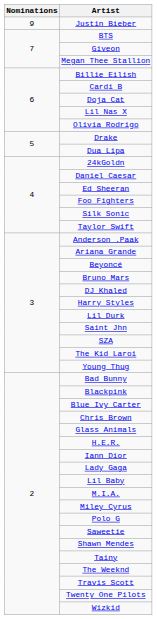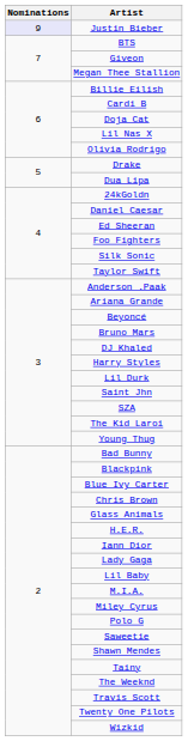 <table class="wikitable" rowspan="2" style="text-align:center">
 <tr>
 <th scope="col" style="width:55px;">Nominations</th>
 <th scope="col" style="text-align:center;">Artist</th>
 </tr>
 <tr>
-<td style="text-align:center">9</td>
+<td style="background: lavender; text-align:center">9</td>
 <td><a href='#'>Justin Bieber</a></td>
 </tr>
 <tr>
 <td rowspan="3" style="text-align:center">7</td>
 <td><a href='#'>BTS</a></td>
 </tr>
 <tr>
 <td><a href='#'>Giveon</a></td>
 </tr>
 <tr>
 <td><a href='#'>Megan Thee Stallion</a></td>
 </tr>
 <tr>
 <td rowspan="5" style="text-align:center">6</td>
 <td><a href='#'>Billie Eilish</a></td>
 </tr>
 <tr>
 <td><a href='#'>Cardi B</a></td>
 </tr>
 <tr>
 <td><a href='#'>Doja Cat</a></td>
 </tr>
 <tr>
 <td><a href='#'>Lil Nas X</a></td>
 </tr>
 <tr>
 <td><a href='#'>Olivia Rodrigo</a></td>
 </tr>
 <tr>
 <td rowspan="2" style="text-align:center">5</td>
 <td><a href='#'>Drake</a></td>
 </tr>
 <tr>
 <td><a href='#'>Dua Lipa</a></td>
 </tr>
 <tr>
 <td rowspan="6" style="text-align:center">4</td>
 <td><a href='#'>24kGoldn</a></td>
 </tr>
 <tr>
 <td><a href='#'>Daniel Caesar</a></td>
 </tr>
 <tr>
 <td><a href='#'>Ed Sheeran</a></td>
 </tr>
 <tr>
 <td><a href='#'>Foo Fighters</a></td>
 </tr>
 <tr>
 <td><a href='#'>Silk Sonic</a></td>
 </tr>
 <tr>
 <td><a href='#'>Taylor Swift</a></td>
 </tr>
 <tr>
 <td rowspan="11" style="text-align:center">3</td>
 <td><a href='#'>Anderson .Paak</a></td>
 </tr>
 <tr>
 <td><a href='#'>Ariana Grande</a></td>
 </tr>
 <tr>
 <td><a href='#'>Beyoncé</a></td>
 </tr>
 <tr>
 <td><a href='#'>Bruno Mars</a></td>
 </tr>
 <tr>
 <td><a href='#'>DJ Khaled</a></td>
 </tr>
 <tr>
 <td><a href='#'>Harry Styles</a></td>
 </tr>
 <tr>
 <td><a href='#'>Lil Durk</a></td>
 </tr>
 <tr>
 <td><a href='#'>Saint Jhn</a></td>
 </tr>
 <tr>
 <td><a href='#'>SZA</a></td>
 </tr>
 <tr>
 <td><a href='#'>The Kid Laroi</a></td>
 </tr>
 <tr>
 <td><a href='#'>Young Thug</a></td>
 </tr>
 <tr>
 <td rowspan="19" style="text-align:center">2</td>
 <td><a href='#'>Bad Bunny</a></td>
 </tr>
 <tr>
 <td><a href='#'>Blackpink</a></td>
 </tr>
 <tr>
 <td><a href='#'>Blue Ivy Carter</a></td>
 </tr>
 <tr>
 <td><a href='#'>Chris Brown</a></td>
 </tr>
 <tr>
 <td><a href='#'>Glass Animals</a></td>
 </tr>
 <tr>
 <td><a href='#'>H.E.R.</a></td>
 </tr>
 <tr>
 <td><a href='#'>Iann Dior</a></td>
 </tr>
 <tr>
 <td><a href='#'>Lady Gaga</a></td>
 </tr>
 <tr>
 <td><a href='#'>Lil Baby</a></td>
 </tr>
 <tr>
 <td><a href='#'>M.I.A.</a></td>
 </tr>
 <tr>
 <td><a href='#'>Miley Cyrus</a></td>
 </tr>
 <tr>
 <td><a href='#'>Polo G</a></td>
 </tr>
 <tr>
 <td><a href='#'>Saweetie</a></td>
 </tr>
 <tr>
 <td><a href='#'>Shawn Mendes</a></td>
 </tr>
 <tr>
 <td><a href='#'>Tainy</a></td>
 </tr>
 <tr>
 <td><a href='#'>The Weeknd</a></td>
 </tr>
 <tr>
 <td><a href='#'>Travis Scott</a></td>
 </tr>
 <tr>
 <td><a href='#'>Twenty One Pilots</a></td>
 </tr>
 <tr>
 <td><a href='#'>Wizkid</a></td>
 </tr>
 </table>
